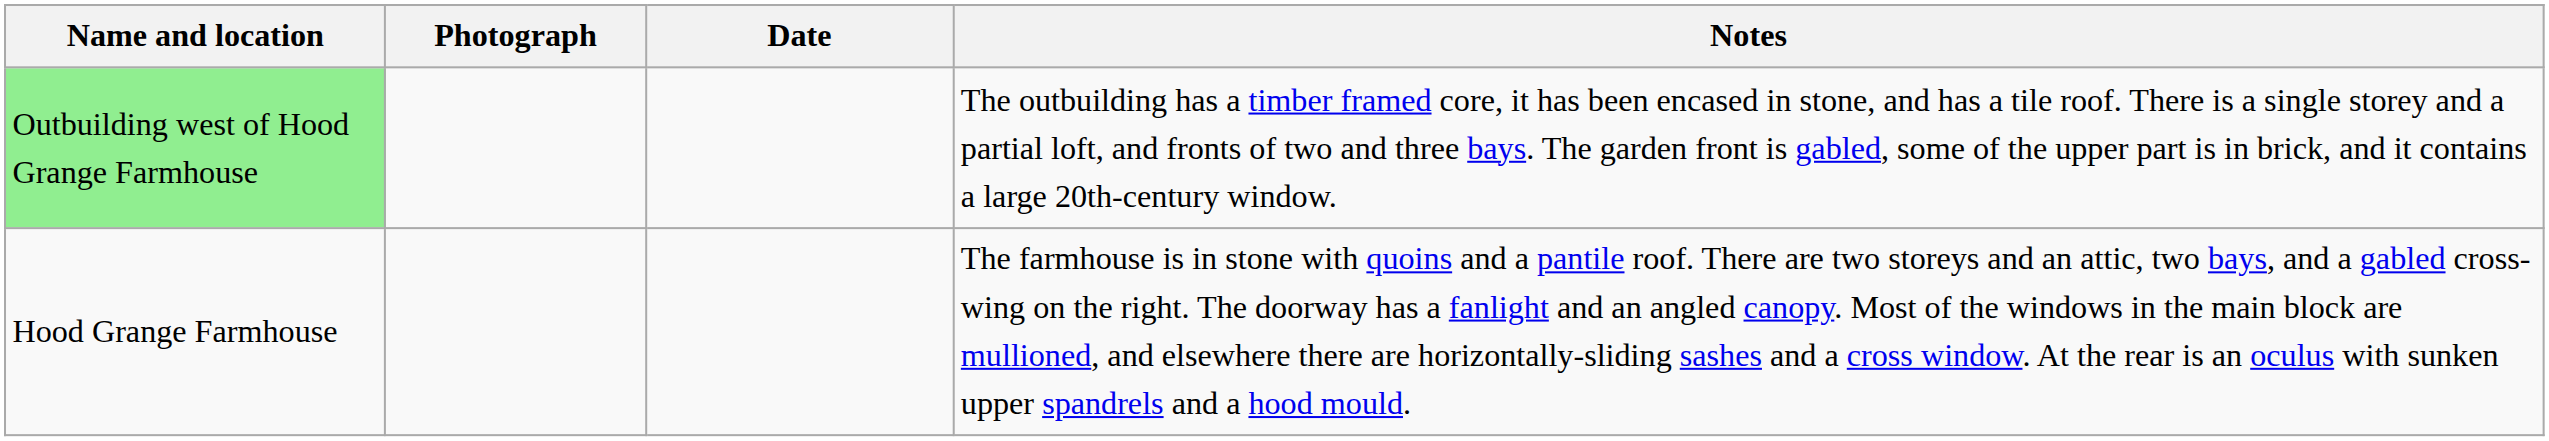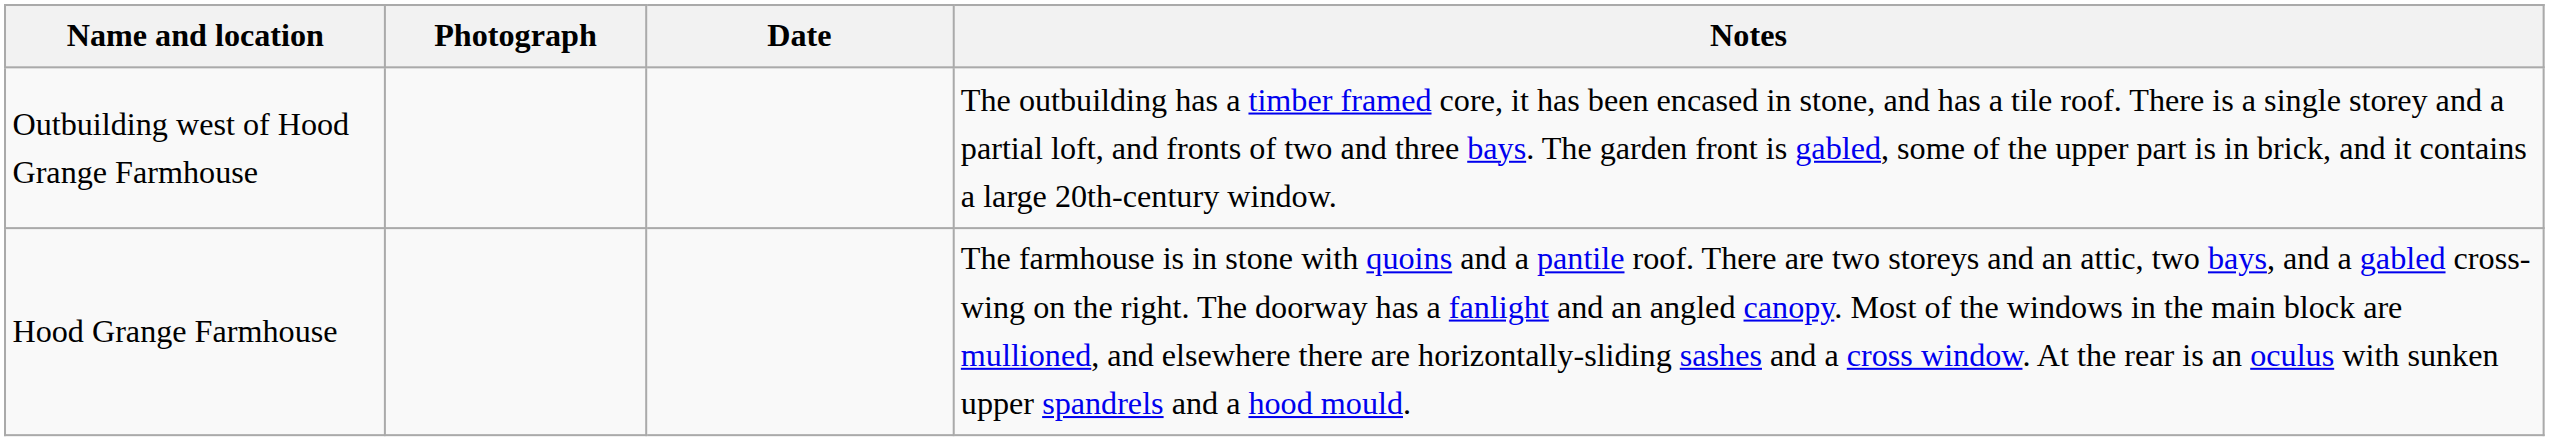 <table class="wikitable sortable plainrowheaders" style="width:100%;border:0px;text-align:left;line-height:150%;">
 <tr>
 <th scope="col"  style="width:150px">Name and location</th>
 <th scope="col"  style="width:100px" class="unsortable">Photograph</th>
 <th scope="col"  style="width:120px">Date</th>
 <th scope="col"  style="width:650px" class="unsortable">Notes</th>
 </tr>
 <tr>
-<td style="background: lightgreen;">Outbuilding west of Hood Grange Farmhouse<br><small></small></td>
+<td>Outbuilding west of Hood Grange Farmhouse<br><small></small></td>
 <td></td>
 <td align="center"></td>
 <td>The outbuilding has a <a href='#'>timber framed</a> core, it has been encased in stone, and has a tile roof. There is a single storey and a partial loft, and fronts of two and three <a href='#'>bays</a>. The garden front is <a href='#'>gabled</a>, some of the upper part is in brick, and it contains a large 20th-century window.</td>
 </tr>
 <tr>
 <td>Hood Grange Farmhouse<br><small></small></td>
 <td></td>
 <td align="center"></td>
 <td>The farmhouse is in stone with <a href='#'>quoins</a> and a <a href='#'>pantile</a> roof. There are two storeys and an attic, two <a href='#'>bays</a>, and a <a href='#'>gabled</a> cross-wing on the right. The doorway has a <a href='#'>fanlight</a> and an angled <a href='#'>canopy</a>. Most of the windows in the main block are <a href='#'>mullioned</a>, and elsewhere there are horizontally-sliding <a href='#'>sashes</a> and a <a href='#'>cross window</a>. At the rear is an <a href='#'>oculus</a> with sunken upper <a href='#'>spandrels</a> and a <a href='#'>hood mould</a>.</td>
 </tr>
 <tr>
 </tr>
 </table>
